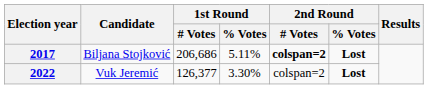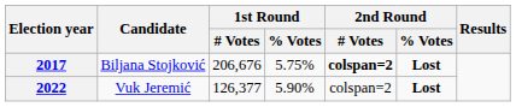 <table class="wikitable" style="text-align:center">
 <tr>
 <th rowspan=2>Election year</th>
 <th rowspan=2>Candidate</th>
 <th colspan=2>1st Round</th>
 <th colspan=2>2nd Round</th>
 <th rowspan=2>Results</th>
 </tr>
 <tr>
 <th># Votes</th>
 <th>% Votes</th>
 <th># Votes</th>
 <th>% Votes</th>
 </tr>
 <tr>
 <th><a href='#'>2017</a></th>
 <td><a href='#'>Biljana Stojković</a></td>
-<td>206,686</td>
-<td>5.11%</td>
+<td>206,676</td>
+<td>5.75%</td>
 <td><strong>colspan=2 </strong></td>
 <td><strong>Lost</strong> </td>
 </tr>
 <tr>
 <th><a href='#'>2022</a></th>
 <td><a href='#'>Vuk Jeremić</a></td>
 <td>126,377</td>
-<td>3.30%</td>
+<td>5.90%</td>
 <td>colspan=2 </td>
 <td><strong>Lost</strong> </td>
 </tr>
 </table>
